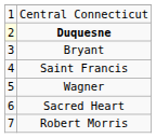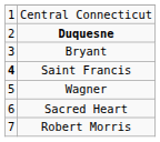 <table class="wikitable">
 <tr align="center">
 </tr>
 <tr align="center">
 <td>1</td>
 <td>Central Connecticut</td>
 </tr>
 <tr align="center">
-<td style="background: lightyellow;">2</td>
+<td>2</td>
 <td><strong>Duquesne</strong></td>
 </tr>
 <tr align="center">
 <td>3</td>
 <td>Bryant</td>
 </tr>
 <tr align="center">
-<td>4</td>
+<td><strong>4</strong></td>
 <td>Saint Francis</td>
 </tr>
 <tr align="center">
 <td>5</td>
 <td>Wagner</td>
 </tr>
 <tr align="center">
 <td>6</td>
 <td>Sacred Heart</td>
 </tr>
 <tr align="center">
 <td>7</td>
 <td>Robert Morris</td>
 </tr>
 </table>
